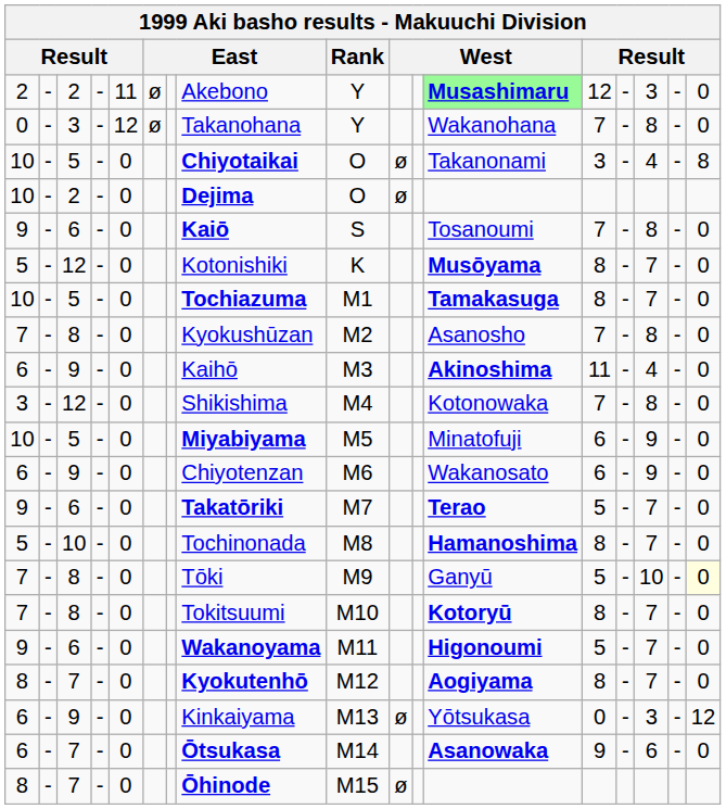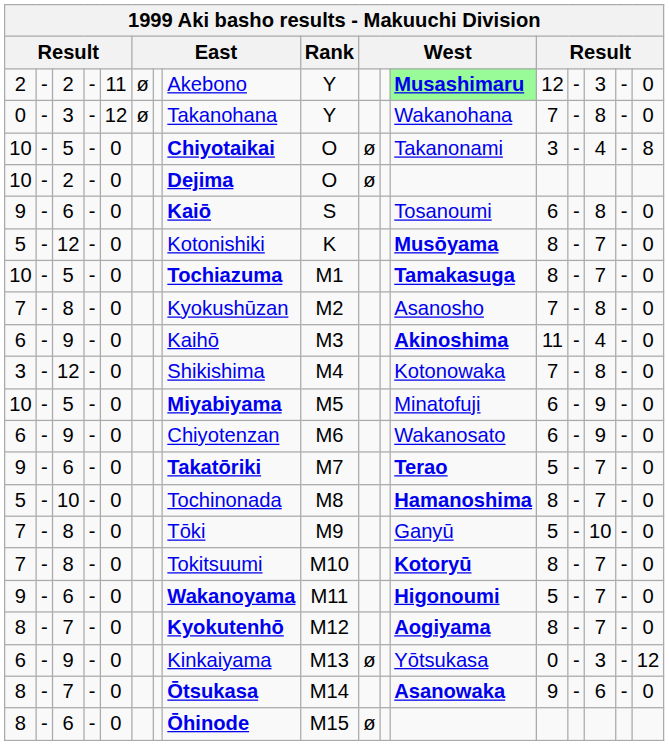 <table class="wikitable">
 <tr>
 <th colspan="17">1999 Aki basho results - Makuuchi Division</th>
 </tr>
 <tr>
 <th colspan="5">Result</th>
 <th colspan="3">East</th>
 <th>Rank</th>
 <th colspan="3">West</th>
 <th colspan="5">Result</th>
 </tr>
 <tr>
 <td align=center>2</td>
 <td align=center>-</td>
 <td align=center>2</td>
 <td align=center>-</td>
 <td align=center>11</td>
 <td align=center>ø</td>
 <td align=center></td>
 <td><a href='#'>Akebono</a></td>
 <td align=center>Y</td>
 <td align=center></td>
 <td align=center></td>
 <td style="background: PaleGreen;"><strong><a href='#'>Musashimaru</a></strong></td>
 <td align=center>12</td>
 <td align=center>-</td>
 <td align=center>3</td>
 <td align=center>-</td>
 <td align=center>0</td>
 </tr>
 <tr>
 <td align=center>0</td>
 <td align=center>-</td>
 <td align=center>3</td>
 <td align=center>-</td>
 <td align=center>12</td>
 <td align=center>ø</td>
 <td align=center></td>
 <td><a href='#'>Takanohana</a></td>
 <td align=center>Y</td>
 <td align=center></td>
 <td align=center></td>
 <td><a href='#'>Wakanohana</a></td>
 <td align=center>7</td>
 <td align=center>-</td>
 <td align=center>8</td>
 <td align=center>-</td>
 <td align=center>0</td>
 </tr>
 <tr>
 <td align=center>10</td>
 <td align=center>-</td>
 <td align=center>5</td>
 <td align=center>-</td>
 <td align=center>0</td>
 <td align=center></td>
 <td align=center></td>
 <td><strong><a href='#'>Chiyotaikai</a></strong></td>
 <td align=center>O</td>
 <td align=center>ø</td>
 <td align=center></td>
 <td><a href='#'>Takanonami</a></td>
 <td align=center>3</td>
 <td align=center>-</td>
 <td align=center>4</td>
 <td align=center>-</td>
 <td align=center>8</td>
 </tr>
 <tr>
 <td align=center>10</td>
 <td align=center>-</td>
 <td align=center>2</td>
 <td align=center>-</td>
 <td align=center>0</td>
 <td align=center></td>
 <td align=center></td>
 <td><strong><a href='#'>Dejima</a></strong></td>
 <td align=center>O</td>
 <td align=center>ø</td>
 <td align=center></td>
 <td></td>
 <td align=center></td>
 <td align=center></td>
 <td align=center></td>
 <td align=center></td>
 <td align=center></td>
 </tr>
 <tr>
 <td align=center>9</td>
 <td align=center>-</td>
 <td align=center>6</td>
 <td align=center>-</td>
 <td align=center>0</td>
 <td align=center></td>
 <td align=center></td>
 <td><strong><a href='#'>Kaiō</a></strong></td>
 <td align=center>S</td>
 <td align=center></td>
 <td align=center></td>
 <td><a href='#'>Tosanoumi</a></td>
-<td align=center>7</td>
+<td align=center>6</td>
 <td align=center>-</td>
 <td align=center>8</td>
 <td align=center>-</td>
 <td align=center>0</td>
 </tr>
 <tr>
 <td align=center>5</td>
 <td align=center>-</td>
 <td align=center>12</td>
 <td align=center>-</td>
 <td align=center>0</td>
 <td align=center></td>
 <td align=center></td>
 <td><a href='#'>Kotonishiki</a></td>
 <td align=center>K</td>
 <td align=center></td>
 <td align=center></td>
 <td><strong><a href='#'>Musōyama</a></strong></td>
 <td align=center>8</td>
 <td align=center>-</td>
 <td align=center>7</td>
 <td align=center>-</td>
 <td align=center>0</td>
 </tr>
 <tr>
 <td align=center>10</td>
 <td align=center>-</td>
 <td align=center>5</td>
 <td align=center>-</td>
 <td align=center>0</td>
 <td align=center></td>
 <td align=center></td>
 <td><strong><a href='#'>Tochiazuma</a></strong></td>
 <td align=center>M1</td>
 <td align=center></td>
 <td align=center></td>
 <td><strong><a href='#'>Tamakasuga</a></strong></td>
 <td align=center>8</td>
 <td align=center>-</td>
 <td align=center>7</td>
 <td align=center>-</td>
 <td align=center>0</td>
 </tr>
 <tr>
 <td align=center>7</td>
 <td align=center>-</td>
 <td align=center>8</td>
 <td align=center>-</td>
 <td align=center>0</td>
 <td align=center></td>
 <td align=center></td>
 <td><a href='#'>Kyokushūzan</a></td>
 <td align=center>M2</td>
 <td align=center></td>
 <td align=center></td>
 <td><a href='#'>Asanosho</a></td>
 <td align=center>7</td>
 <td align=center>-</td>
 <td align=center>8</td>
 <td align=center>-</td>
 <td align=center>0</td>
 </tr>
 <tr>
 <td align=center>6</td>
 <td align=center>-</td>
 <td align=center>9</td>
 <td align=center>-</td>
 <td align=center>0</td>
 <td align=center></td>
 <td align=center></td>
 <td><a href='#'>Kaihō</a></td>
 <td align=center>M3</td>
 <td align=center></td>
 <td align=center></td>
 <td><strong><a href='#'>Akinoshima</a></strong></td>
 <td align=center>11</td>
 <td align=center>-</td>
 <td align=center>4</td>
 <td align=center>-</td>
 <td align=center>0</td>
 </tr>
 <tr>
 <td align=center>3</td>
 <td align=center>-</td>
 <td align=center>12</td>
 <td align=center>-</td>
 <td align=center>0</td>
 <td align=center></td>
 <td align=center></td>
 <td><a href='#'>Shikishima</a></td>
 <td align=center>M4</td>
 <td align=center></td>
 <td align=center></td>
 <td><a href='#'>Kotonowaka</a></td>
 <td align=center>7</td>
 <td align=center>-</td>
 <td align=center>8</td>
 <td align=center>-</td>
 <td align=center>0</td>
 </tr>
 <tr>
 <td align=center>10</td>
 <td align=center>-</td>
 <td align=center>5</td>
 <td align=center>-</td>
 <td align=center>0</td>
 <td align=center></td>
 <td align=center></td>
 <td><strong><a href='#'>Miyabiyama</a></strong></td>
 <td align=center>M5</td>
 <td align=center></td>
 <td align=center></td>
 <td><a href='#'>Minatofuji</a></td>
 <td align=center>6</td>
 <td align=center>-</td>
 <td align=center>9</td>
 <td align=center>-</td>
 <td align=center>0</td>
 </tr>
 <tr>
 <td align=center>6</td>
 <td align=center>-</td>
 <td align=center>9</td>
 <td align=center>-</td>
 <td align=center>0</td>
 <td align=center></td>
 <td align=center></td>
 <td><a href='#'>Chiyotenzan</a></td>
 <td align=center>M6</td>
 <td align=center></td>
 <td align=center></td>
 <td><a href='#'>Wakanosato</a></td>
 <td align=center>6</td>
 <td align=center>-</td>
 <td align=center>9</td>
 <td align=center>-</td>
 <td align=center>0</td>
 </tr>
 <tr>
 <td align=center>9</td>
 <td align=center>-</td>
 <td align=center>6</td>
 <td align=center>-</td>
 <td align=center>0</td>
 <td align=center></td>
 <td align=center></td>
 <td><strong><a href='#'>Takatōriki</a></strong></td>
 <td align=center>M7</td>
 <td align=center></td>
 <td align=center></td>
 <td><strong><a href='#'>Terao</a></strong></td>
 <td align=center>5</td>
 <td align=center>-</td>
 <td align=center>7</td>
 <td align=center>-</td>
 <td align=center>0</td>
 </tr>
 <tr>
 <td align=center>5</td>
 <td align=center>-</td>
 <td align=center>10</td>
 <td align=center>-</td>
 <td align=center>0</td>
 <td align=center></td>
 <td align=center></td>
 <td><a href='#'>Tochinonada</a></td>
 <td align=center>M8</td>
 <td align=center></td>
 <td align=center></td>
 <td><strong><a href='#'>Hamanoshima</a></strong></td>
 <td align=center>8</td>
 <td align=center>-</td>
 <td align=center>7</td>
 <td align=center>-</td>
 <td align=center>0</td>
 </tr>
 <tr>
 <td align=center>7</td>
 <td align=center>-</td>
 <td align=center>8</td>
 <td align=center>-</td>
 <td align=center>0</td>
 <td align=center></td>
 <td align=center></td>
 <td><a href='#'>Tōki</a></td>
 <td align=center>M9</td>
 <td align=center></td>
 <td align=center></td>
 <td><a href='#'>Ganyū</a></td>
 <td align=center>5</td>
 <td align=center>-</td>
 <td align=center>10</td>
 <td align=center>-</td>
-<td align=center style="background: lightyellow;">0</td>
+<td align=center>0</td>
 </tr>
 <tr>
 <td align=center>7</td>
 <td align=center>-</td>
 <td align=center>8</td>
 <td align=center>-</td>
 <td align=center>0</td>
 <td align=center></td>
 <td align=center></td>
 <td><a href='#'>Tokitsuumi</a></td>
 <td align=center>M10</td>
 <td align=center></td>
 <td align=center></td>
 <td><strong><a href='#'>Kotoryū</a></strong></td>
 <td align=center>8</td>
 <td align=center>-</td>
 <td align=center>7</td>
 <td align=center>-</td>
 <td align=center>0</td>
 </tr>
 <tr>
 <td align=center>9</td>
 <td align=center>-</td>
 <td align=center>6</td>
 <td align=center>-</td>
 <td align=center>0</td>
 <td align=center></td>
 <td align=center></td>
 <td><strong><a href='#'>Wakanoyama</a></strong></td>
 <td align=center>M11</td>
 <td align=center></td>
 <td align=center></td>
 <td><strong><a href='#'>Higonoumi</a></strong></td>
 <td align=center>5</td>
 <td align=center>-</td>
 <td align=center>7</td>
 <td align=center>-</td>
 <td align=center>0</td>
 </tr>
 <tr>
 <td align=center>8</td>
 <td align=center>-</td>
 <td align=center>7</td>
 <td align=center>-</td>
 <td align=center>0</td>
 <td align=center></td>
 <td align=center></td>
 <td><strong><a href='#'>Kyokutenhō</a></strong></td>
 <td align=center>M12</td>
 <td align=center></td>
 <td align=center></td>
 <td><strong><a href='#'>Aogiyama</a></strong></td>
 <td align=center>8</td>
 <td align=center>-</td>
 <td align=center>7</td>
 <td align=center>-</td>
 <td align=center>0</td>
 </tr>
 <tr>
 <td align=center>6</td>
 <td align=center>-</td>
 <td align=center>9</td>
 <td align=center>-</td>
 <td align=center>0</td>
 <td align=center></td>
 <td align=center></td>
 <td><a href='#'>Kinkaiyama</a></td>
 <td align=center>M13</td>
 <td align=center>ø</td>
 <td align=center></td>
 <td><a href='#'>Yōtsukasa</a></td>
 <td align=center>0</td>
 <td align=center>-</td>
 <td align=center>3</td>
 <td align=center>-</td>
 <td align=center>12</td>
 </tr>
 <tr>
-<td align=center>6</td>
+<td align=center>8</td>
 <td align=center>-</td>
 <td align=center>7</td>
 <td align=center>-</td>
 <td align=center>0</td>
 <td align=center></td>
 <td align=center></td>
 <td><strong><a href='#'>Ōtsukasa</a></strong></td>
 <td align=center>M14</td>
 <td align=center></td>
 <td align=center></td>
 <td><strong><a href='#'>Asanowaka</a></strong></td>
 <td align=center>9</td>
 <td align=center>-</td>
 <td align=center>6</td>
 <td align=center>-</td>
 <td align=center>0</td>
 </tr>
 <tr>
 <td align=center>8</td>
 <td align=center>-</td>
-<td align=center>7</td>
+<td align=center>6</td>
 <td align=center>-</td>
 <td align=center>0</td>
 <td align=center></td>
 <td align=center></td>
 <td><strong><a href='#'>Ōhinode</a></strong></td>
 <td align=center>M15</td>
 <td align=center>ø</td>
 <td align=center></td>
 <td></td>
 <td align=center></td>
 <td align=center></td>
 <td align=center></td>
 <td align=center></td>
 <td align=center></td>
 </tr>
 </table>
